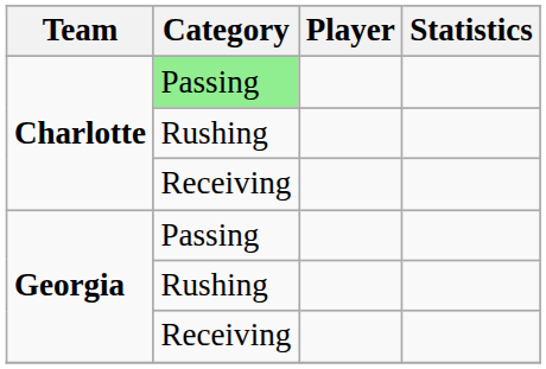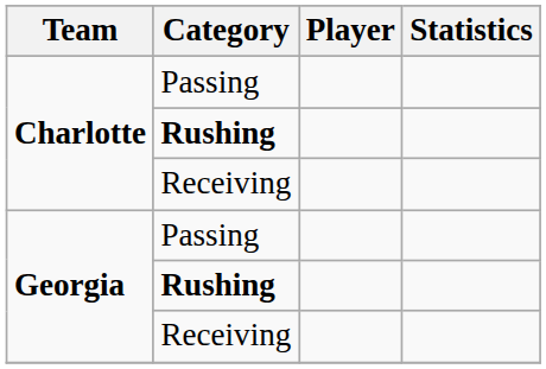 <table class="wikitable" style="float: right;">
 <tr>
 <th>Team</th>
 <th>Category</th>
 <th>Player</th>
 <th>Statistics</th>
 </tr>
 <tr>
 <td rowspan=3><strong>Charlotte</strong></td>
-<td style="background: lightgreen;">Passing</td>
+<td>Passing</td>
 <td></td>
 <td></td>
 </tr>
 <tr>
-<td>Rushing</td>
+<td><strong>Rushing</strong></td>
 <td></td>
 <td></td>
 </tr>
 <tr>
 <td>Receiving</td>
 <td></td>
 <td></td>
 </tr>
 <tr>
 <td rowspan=3><strong>Georgia</strong></td>
 <td>Passing</td>
 <td></td>
 <td></td>
 </tr>
 <tr>
-<td>Rushing</td>
+<td><strong>Rushing</strong></td>
 <td></td>
 <td></td>
 </tr>
 <tr>
 <td>Receiving</td>
 <td></td>
 <td></td>
 </tr>
 <tr>
 </tr>
 </table>
